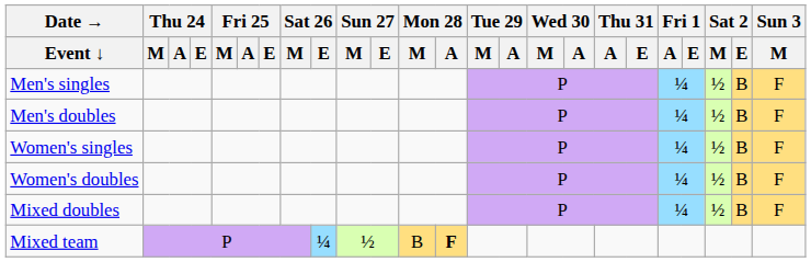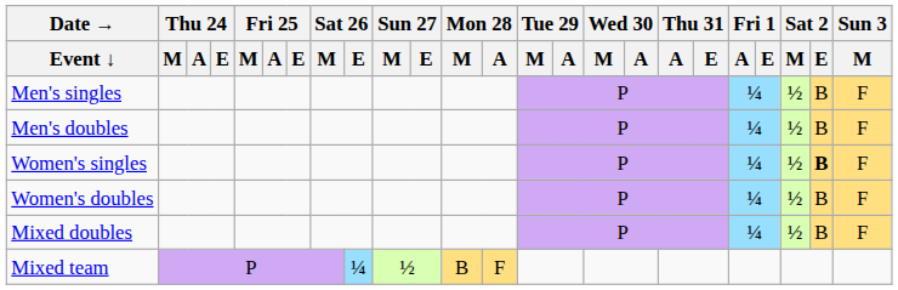 <table class="wikitable" style="margin:0.5em auto; font-size:90%; line-height:1.25em;">
 <tr style="text-align:center;">
 <th>Date →</th>
 <th colspan="3">Thu 24</th>
 <th colspan="3">Fri 25</th>
 <th colspan="2">Sat 26</th>
 <th colspan="2">Sun 27</th>
 <th colspan="2">Mon 28</th>
 <th colspan="2">Tue 29</th>
 <th colspan="2">Wed 30</th>
 <th colspan="2">Thu 31</th>
 <th colspan="2">Fri 1</th>
 <th colspan="2">Sat 2</th>
 <th>Sun 3</th>
 </tr>
 <tr>
 <th>Event   ↓</th>
 <th>M</th>
 <th>A</th>
 <th>E</th>
 <th>M</th>
 <th>A</th>
 <th>E</th>
 <th>M</th>
 <th>E</th>
 <th>M</th>
 <th>E</th>
 <th>M</th>
 <th>A</th>
 <th>M</th>
 <th>A</th>
 <th>M</th>
 <th>A</th>
 <th>A</th>
 <th>E</th>
 <th>A</th>
 <th>E</th>
 <th>M</th>
 <th>E</th>
 <th>M</th>
 </tr>
 <tr style="text-align:center;">
 <td style="text-align:left;"><a href='#'>Men's singles</a></td>
 <td colspan="3"></td>
 <td colspan="3"></td>
 <td colspan="2"></td>
 <td colspan="2"></td>
 <td colspan="2"></td>
 <td colspan="6" style="background-color:#D0A9F5">P</td>
 <td colspan="2" style="background-color:#97DEFF">¼</td>
 <td style="background-color:#D9FFB2;">½</td>
 <td style="background-color:#FFDF80;">B</td>
 <td style="background-color:#FFDF80;">F</td>
 </tr>
 <tr style="text-align:center;">
 <td style="text-align:left;"><a href='#'>Men's doubles</a></td>
 <td colspan="3"></td>
 <td colspan="3"></td>
 <td colspan="2"></td>
 <td colspan="2"></td>
 <td colspan="2"></td>
 <td colspan="6" style="background-color:#D0A9F5">P</td>
 <td colspan="2" style="background-color:#97DEFF">¼</td>
 <td style="background-color:#D9FFB2;">½</td>
 <td style="background-color:#FFDF80;">B</td>
 <td style="background-color:#FFDF80;">F</td>
 </tr>
 <tr style="text-align:center;">
 <td style="text-align:left;"><a href='#'>Women's singles</a></td>
 <td colspan="3"></td>
 <td colspan="3"></td>
 <td colspan="2"></td>
 <td colspan="2"></td>
 <td colspan="2"></td>
 <td colspan="6" style="background-color:#D0A9F5">P</td>
 <td colspan="2" style="background-color:#97DEFF">¼</td>
 <td style="background-color:#D9FFB2;">½</td>
-<td style="background-color:#FFDF80;">B</td>
+<td style="background-color:#FFDF80;"><strong>B</strong></td>
 <td style="background-color:#FFDF80;">F</td>
 </tr>
 <tr style="text-align:center;">
 <td style="text-align:left;"><a href='#'>Women's doubles</a></td>
 <td colspan="3"></td>
 <td colspan="3"></td>
 <td colspan="2"></td>
 <td colspan="2"></td>
 <td colspan="2"></td>
 <td colspan="6" style="background-color:#D0A9F5">P</td>
 <td colspan="2" style="background-color:#97DEFF">¼</td>
 <td style="background-color:#D9FFB2;">½</td>
 <td style="background-color:#FFDF80;">B</td>
 <td style="background-color:#FFDF80;">F</td>
 </tr>
 <tr style="text-align:center;">
 <td style="text-align:left;"><a href='#'>Mixed doubles</a></td>
 <td colspan="3"></td>
 <td colspan="3"></td>
 <td colspan="2"></td>
 <td colspan="2"></td>
 <td colspan="2"></td>
 <td colspan="6" style="background-color:#D0A9F5">P</td>
 <td colspan="2" style="background-color:#97DEFF">¼</td>
 <td style="background-color:#D9FFB2;">½</td>
 <td style="background-color:#FFDF80;">B</td>
 <td style="background-color:#FFDF80;">F</td>
 </tr>
 <tr style="text-align:center;">
 <td style="text-align:left;"><a href='#'>Mixed team</a></td>
 <td colspan="7" style="background-color:#D0A9F5">P</td>
 <td style="background-color:#97DEFF;">¼</td>
 <td colspan = 2 style="background-color:#D9FFB2;">½</td>
 <td style="background-color:#FFDF80;">B</td>
-<td style="background-color:#FFDF80;"><strong>F</strong></td>
+<td style="background-color:#FFDF80;">F</td>
 <td colspan="2"></td>
 <td colspan="2"></td>
 <td colspan="2"></td>
 <td colspan="2"></td>
 <td colspan="2"></td>
 <td></td>
 </tr>
 </table>
